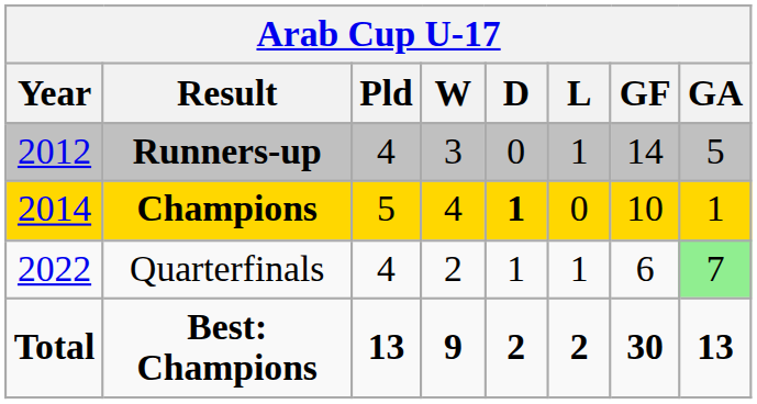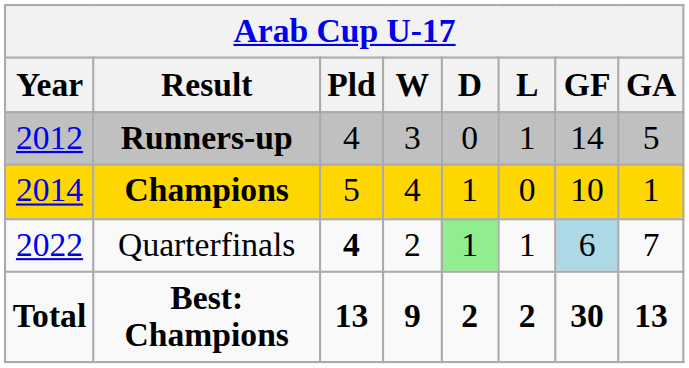 <table class="wikitable" style="text-align: center;font-size:100%">
 <tr>
 <th colspan=9><a href='#'>Arab Cup U-17</a></th>
 </tr>
 <tr>
 <th>Year</th>
 <th width=100>Result</th>
 <th width=20>Pld</th>
 <th width=20>W</th>
 <th width=20>D</th>
 <th width=20>L</th>
 <th width=20>GF</th>
 <th width=20>GA</th>
 </tr>
 <tr bgcolor=Silver>
 <td> <a href='#'>2012</a></td>
 <td><strong>Runners-up</strong></td>
 <td>4</td>
 <td>3</td>
 <td>0</td>
 <td>1</td>
 <td>14</td>
 <td>5</td>
 </tr>
 <tr bgcolor=gold>
 <td> <a href='#'>2014</a></td>
 <td><strong>Champions</strong></td>
 <td>5</td>
 <td>4</td>
-<td><strong>1</strong></td>
+<td>1</td>
 <td>0</td>
 <td>10</td>
 <td>1</td>
 </tr>
 <tr>
 <td> <a href='#'>2022</a></td>
 <td>Quarterfinals</td>
-<td>4</td>
+<td><strong>4</strong></td>
 <td>2</td>
+<td style="background: lightgreen;">1</td>
 <td>1</td>
-<td>1</td>
-<td>6</td>
-<td style="background: lightgreen;">7</td>
+<td style="background: lightblue;">6</td>
+<td>7</td>
 </tr>
 <tr>
 <td><strong>Total</strong></td>
 <td><strong>Best: Champions</strong></td>
 <td><strong>13</strong></td>
 <td><strong>9</strong></td>
 <td><strong>2</strong></td>
 <td><strong>2</strong></td>
 <td><strong>30</strong></td>
 <td><strong>13</strong></td>
 </tr>
 </table>
